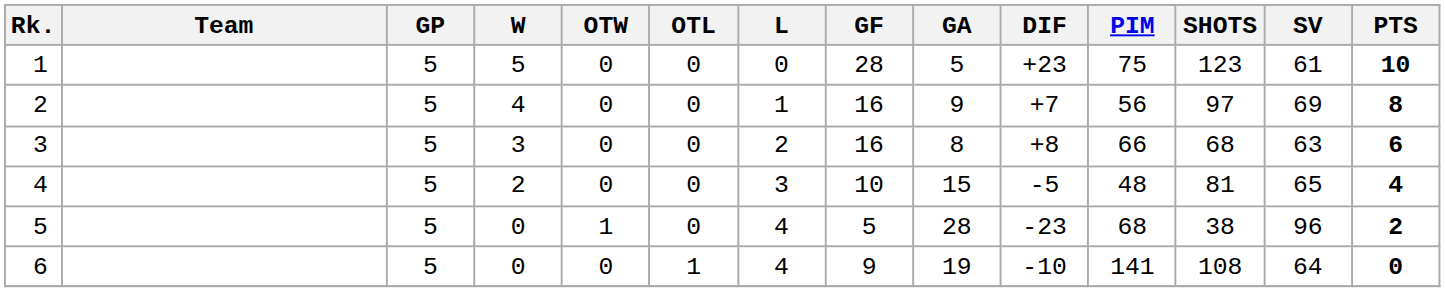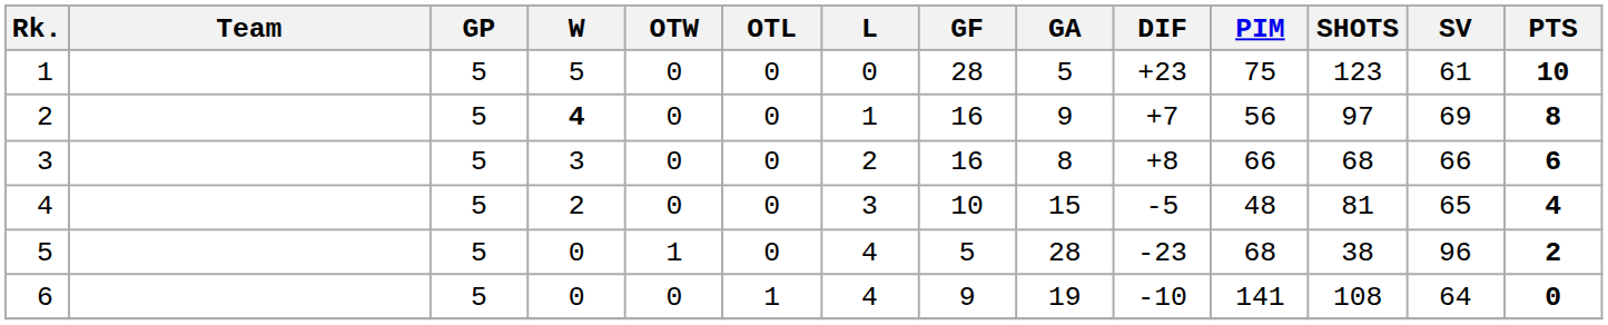 <table class="wikitable" style="text-align:center;">
 <tr>
 <th width=20>Rk.</th>
 <th width=165>Team</th>
 <th width=40>GP</th>
 <th width=40>W</th>
 <th width=40>OTW</th>
 <th width=40>OTL</th>
 <th width=40>L</th>
 <th width=40>GF</th>
 <th width=40>GA</th>
 <th width=40>DIF</th>
 <th width=40><a href='#'>PIM</a></th>
 <th width=40>SHOTS</th>
 <th width=40>SV</th>
 <th width=40>PTS</th>
 </tr>
 <tr style="background:#ffffff;">
 <td> 1</td>
 <td style="text-align:left;"></td>
 <td>5</td>
 <td>5</td>
 <td>0</td>
 <td>0</td>
 <td>0</td>
 <td>28</td>
 <td>5</td>
 <td>+23</td>
 <td>75</td>
 <td>123</td>
 <td>61</td>
 <td><strong>10</strong></td>
 </tr>
 <tr style="background:#ffffff;">
 <td> 2</td>
 <td style="text-align:left;"></td>
 <td>5</td>
-<td>4</td>
+<td><strong>4</strong></td>
 <td>0</td>
 <td>0</td>
 <td>1</td>
 <td>16</td>
 <td>9</td>
 <td>+7</td>
 <td>56</td>
 <td>97</td>
 <td>69</td>
 <td><strong>8</strong></td>
 </tr>
 <tr style="background:#ffffff;">
 <td> 3</td>
 <td style="text-align:left;"></td>
 <td>5</td>
 <td>3</td>
 <td>0</td>
 <td>0</td>
 <td>2</td>
 <td>16</td>
 <td>8</td>
 <td>+8</td>
 <td>66</td>
 <td>68</td>
-<td>63</td>
+<td>66</td>
 <td><strong>6</strong></td>
 </tr>
 <tr style="background:#ffffff;">
 <td> 4</td>
 <td style="text-align:left;"></td>
 <td>5</td>
 <td>2</td>
 <td>0</td>
 <td>0</td>
 <td>3</td>
 <td>10</td>
 <td>15</td>
 <td>-5</td>
 <td>48</td>
 <td>81</td>
 <td>65</td>
 <td><strong>4</strong></td>
 </tr>
 <tr style="background:#ffffff;">
 <td> 5</td>
 <td style="text-align:left;"></td>
 <td>5</td>
 <td>0</td>
 <td>1</td>
 <td>0</td>
 <td>4</td>
 <td>5</td>
 <td>28</td>
 <td>-23</td>
 <td>68</td>
 <td>38</td>
 <td>96</td>
 <td><strong>2</strong></td>
 </tr>
 <tr style="background:#ffffff;">
 <td> 6</td>
 <td style="text-align:left;"></td>
 <td>5</td>
 <td>0</td>
 <td>0</td>
 <td>1</td>
 <td>4</td>
 <td>9</td>
 <td>19</td>
 <td>-10</td>
 <td>141</td>
 <td>108</td>
 <td>64</td>
 <td><strong>0</strong></td>
 </tr>
 <tr style="background:#ffffff;">
 </tr>
 </table>
